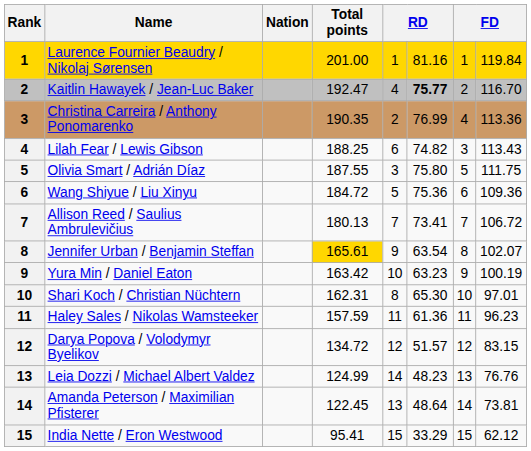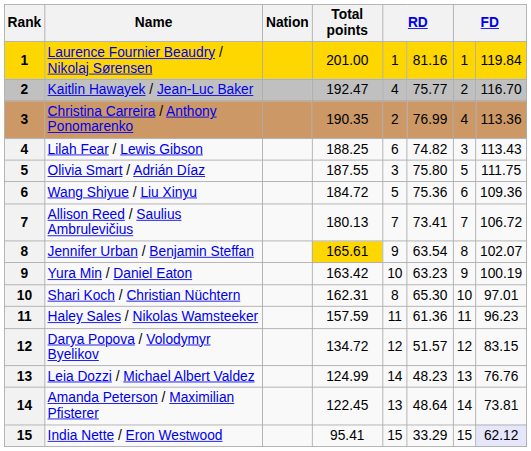 <table class="wikitable sortable">
 <tr>
 <th>Rank</th>
 <th>Name</th>
 <th>Nation</th>
 <th>Total points</th>
 <th colspan="2" width="80px"><a href='#'>RD</a></th>
 <th colspan="2" width="80px"><a href='#'>FD</a></th>
 </tr>
 <tr bgcolor="gold">
 <td align="center"><strong>1</strong></td>
 <td><a href='#'>Laurence Fournier Beaudry</a> / <a href='#'>Nikolaj Sørensen</a></td>
 <td></td>
 <td align="center">201.00</td>
 <td align="center">1</td>
 <td align="center">81.16</td>
 <td align="center">1</td>
 <td align="center">119.84</td>
 </tr>
 <tr bgcolor="silver">
 <td align="center"><strong>2</strong></td>
 <td><a href='#'>Kaitlin Hawayek</a> / <a href='#'>Jean-Luc Baker</a></td>
 <td></td>
 <td align="center">192.47</td>
 <td align="center">4</td>
-<td align="center"><strong>75.77</strong></td>
+<td align="center">75.77</td>
 <td align="center">2</td>
 <td align="center">116.70</td>
 </tr>
 <tr bgcolor="cc9966">
 <td align="center"><strong>3</strong></td>
 <td><a href='#'>Christina Carreira</a> / <a href='#'>Anthony Ponomarenko</a></td>
 <td></td>
 <td align="center">190.35</td>
 <td align="center">2</td>
 <td align="center">76.99</td>
 <td align="center">4</td>
 <td align="center">113.36</td>
 </tr>
 <tr>
 <th>4</th>
 <td><a href='#'>Lilah Fear</a> / <a href='#'>Lewis Gibson</a></td>
 <td></td>
 <td align="center">188.25</td>
 <td align="center">6</td>
 <td align="center">74.82</td>
 <td align="center">3</td>
 <td align="center">113.43</td>
 </tr>
 <tr>
 <th>5</th>
 <td><a href='#'>Olivia Smart</a> / <a href='#'>Adrián Díaz</a></td>
 <td></td>
 <td align="center">187.55</td>
 <td align="center">3</td>
 <td align="center">75.80</td>
 <td align="center">5</td>
 <td align="center">111.75</td>
 </tr>
 <tr>
 <th>6</th>
 <td><a href='#'>Wang Shiyue</a> / <a href='#'>Liu Xinyu</a></td>
 <td></td>
 <td align="center">184.72</td>
 <td align="center">5</td>
 <td align="center">75.36</td>
 <td align="center">6</td>
 <td align="center">109.36</td>
 </tr>
 <tr>
 <th>7</th>
 <td><a href='#'>Allison Reed</a> / <a href='#'>Saulius Ambrulevičius</a></td>
 <td></td>
 <td align="center">180.13</td>
 <td align="center">7</td>
 <td align="center">73.41</td>
 <td align="center">7</td>
 <td align="center">106.72</td>
 </tr>
 <tr>
 <th>8</th>
 <td><a href='#'>Jennifer Urban</a> / <a href='#'>Benjamin Steffan</a></td>
 <td></td>
 <td align="center" style="background: gold;">165.61</td>
 <td align="center">9</td>
 <td align="center">63.54</td>
 <td align="center">8</td>
 <td align="center">102.07</td>
 </tr>
 <tr>
 <th>9</th>
 <td><a href='#'>Yura Min</a> / <a href='#'>Daniel Eaton</a></td>
 <td></td>
 <td align="center">163.42</td>
 <td align="center">10</td>
 <td align="center">63.23</td>
 <td align="center">9</td>
 <td align="center">100.19</td>
 </tr>
 <tr>
 <th>10</th>
 <td><a href='#'>Shari Koch</a> / <a href='#'>Christian Nüchtern</a></td>
 <td></td>
 <td align="center">162.31</td>
 <td align="center">8</td>
 <td align="center">65.30</td>
 <td align="center">10</td>
 <td align="center">97.01</td>
 </tr>
 <tr>
 <th>11</th>
 <td><a href='#'>Haley Sales</a> / <a href='#'>Nikolas Wamsteeker</a></td>
 <td></td>
 <td align="center">157.59</td>
 <td align="center">11</td>
 <td align="center">61.36</td>
 <td align="center">11</td>
 <td align="center">96.23</td>
 </tr>
 <tr>
 <th>12</th>
 <td><a href='#'>Darya Popova</a> / <a href='#'>Volodymyr Byelikov</a></td>
 <td></td>
 <td align="center">134.72</td>
 <td align="center">12</td>
 <td align="center">51.57</td>
 <td align="center">12</td>
 <td align="center">83.15</td>
 </tr>
 <tr>
 <th>13</th>
 <td><a href='#'>Leia Dozzi</a> / <a href='#'>Michael Albert Valdez</a></td>
 <td></td>
 <td align="center">124.99</td>
 <td align="center">14</td>
 <td align="center">48.23</td>
 <td align="center">13</td>
 <td align="center">76.76</td>
 </tr>
 <tr>
 <th>14</th>
 <td><a href='#'>Amanda Peterson</a> / <a href='#'>Maximilian Pfisterer</a></td>
 <td></td>
 <td align="center">122.45</td>
 <td align="center">13</td>
 <td align="center">48.64</td>
 <td align="center">14</td>
 <td align="center">73.81</td>
 </tr>
 <tr>
 <th>15</th>
 <td><a href='#'>India Nette</a> / <a href='#'>Eron Westwood</a></td>
 <td></td>
 <td align="center">95.41</td>
 <td align="center">15</td>
 <td align="center">33.29</td>
 <td align="center">15</td>
-<td align="center">62.12</td>
+<td align="center" style="background: lavender;">62.12</td>
 </tr>
 </table>
